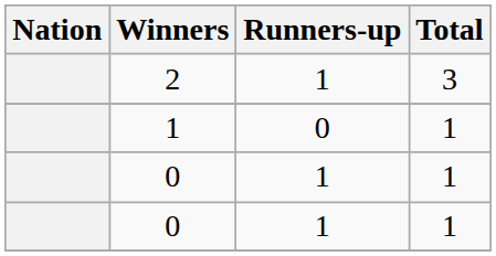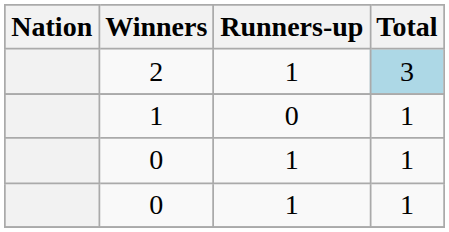 <table class="wikitable plainrowheaders sortable">
 <tr>
 <th scope="col">Nation</th>
 <th scope="col">Winners</th>
 <th scope="col">Runners-up</th>
 <th scope="col">Total</th>
 </tr>
 <tr>
 <th scope="row"></th>
 <td align="center">2</td>
 <td align="center">1</td>
-<td align="center">3</td>
+<td align="center" style="background: lightblue;">3</td>
 </tr>
 <tr>
 </tr>
 <tr>
 <th scope="row"></th>
 <td align="center">1</td>
 <td align="center">0</td>
 <td align="center">1</td>
 </tr>
 <tr>
 <th scope="row"></th>
 <td align="center">0</td>
 <td align="center">1</td>
 <td align="center">1</td>
 </tr>
 <tr>
 <th scope="row"></th>
 <td align="center">0</td>
 <td align="center">1</td>
 <td align="center">1</td>
 </tr>
 <tr>
 </tr>
 </table>
